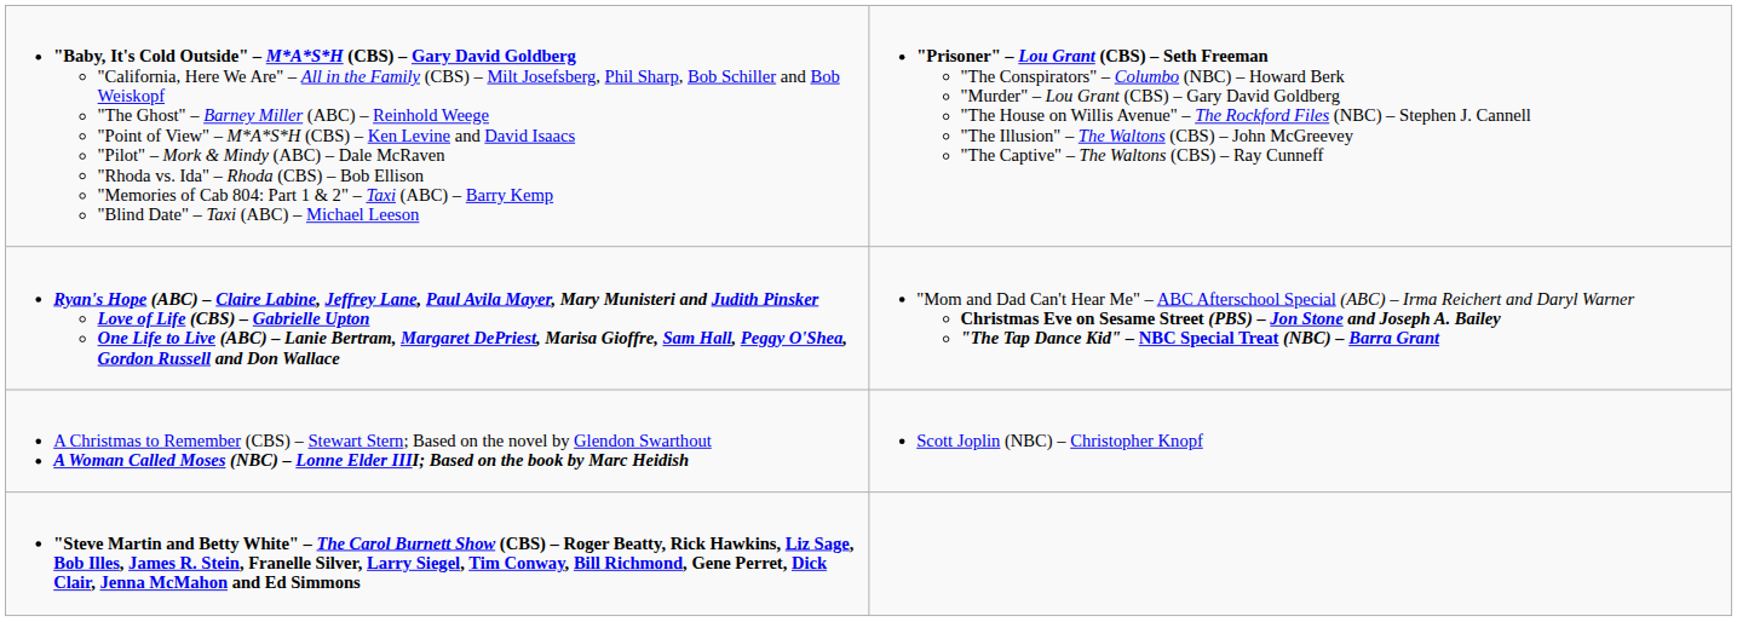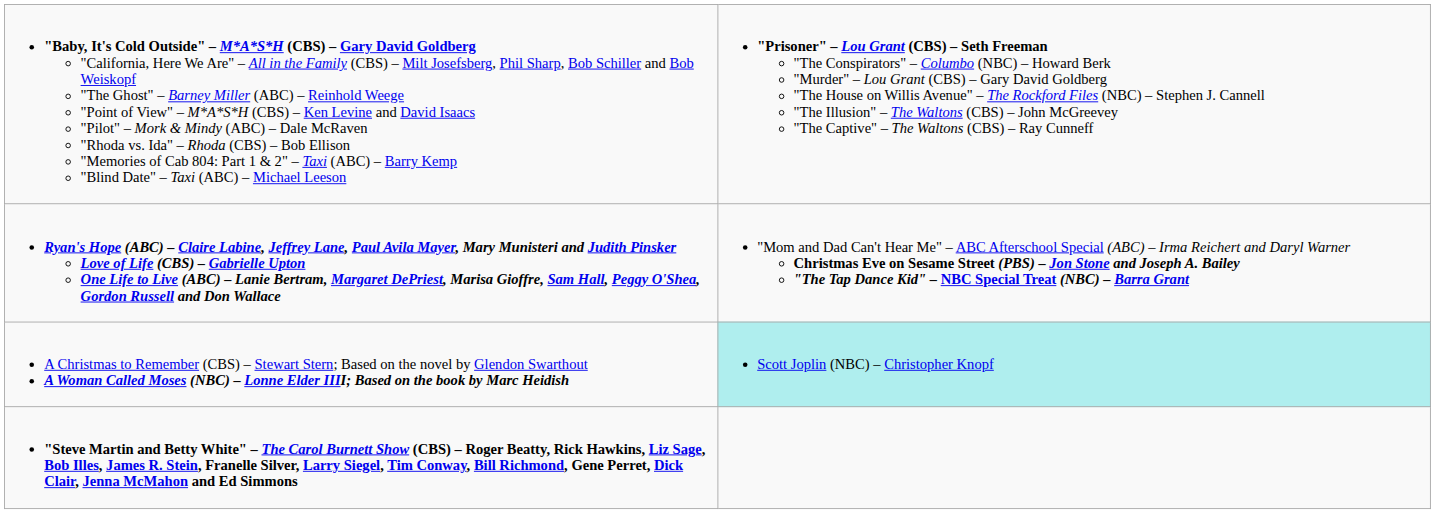 <table class="wikitable">
 <tr>
 <td valign="top" width="50%"><br><ul><li><strong>"Baby, It's Cold Outside" – <em><a href='#'>M*A*S*H</a></em> (CBS) – <a href='#'>Gary David Goldberg</a></strong><ul><li>"California, Here We Are" – <em><a href='#'>All in the Family</a></em> (CBS) – <a href='#'>Milt Josefsberg</a>, <a href='#'>Phil Sharp</a>, <a href='#'>Bob Schiller</a> and <a href='#'>Bob Weiskopf</a></li><li>"The Ghost" – <em><a href='#'>Barney Miller</a></em> (ABC) – <a href='#'>Reinhold Weege</a></li><li>"Point of View" – <em>M*A*S*H</em> (CBS) – <a href='#'>Ken Levine</a> and <a href='#'>David Isaacs</a></li><li>"Pilot" – <em>Mork & Mindy</em> (ABC) – Dale McRaven</li><li>"Rhoda vs. Ida" – <em>Rhoda</em> (CBS) – Bob Ellison</li><li>"Memories of Cab 804: Part 1 & 2" – <em><a href='#'>Taxi</a></em> (ABC) – <a href='#'>Barry Kemp</a></li><li>"Blind Date" – <em>Taxi</em> (ABC) – <a href='#'>Michael Leeson</a></li></ul></li></ul></td>
 <td valign="top" width="50%"><br><ul><li><strong>"Prisoner" – <em><a href='#'>Lou Grant</a></em> (CBS) – Seth Freeman</strong><ul><li>"The Conspirators" – <em><a href='#'>Columbo</a></em> (NBC) – Howard Berk</li><li>"Murder" – <em>Lou Grant</em> (CBS) – Gary David Goldberg</li><li>"The House on Willis Avenue" – <em><a href='#'>The Rockford Files</a></em> (NBC) – Stephen J. Cannell</li><li>"The Illusion" – <em><a href='#'>The Waltons</a></em> (CBS) – John McGreevey</li><li>"The Captive" – <em>The Waltons</em> (CBS) – Ray Cunneff</li></ul></li></ul></td>
 </tr>
 <tr>
 <td valign="top" width="50%"><br><ul><li><strong><em><a href='#'>Ryan's Hope</a><em> (ABC) – <a href='#'>Claire Labine</a>, <a href='#'>Jeffrey Lane</a>, <a href='#'>Paul Avila Mayer</a>, Mary Munisteri and <a href='#'>Judith Pinsker</a><strong><ul><li></em><a href='#'>Love of Life</a><em> (CBS) – <a href='#'>Gabrielle Upton</a></li><li></em><a href='#'>One Life to Live</a><em> (ABC) – Lanie Bertram, <a href='#'>Margaret DePriest</a>, Marisa Gioffre, <a href='#'>Sam Hall</a>, <a href='#'>Peggy O'Shea</a>, <a href='#'>Gordon Russell</a> and Don Wallace</li></ul></li></ul></td>
 <td valign="top" width="50%"><br><ul><li></strong>"Mom and Dad Can't Hear Me" – </em><a href='#'>ABC Afterschool Special</a><em> (ABC) – Irma Reichert and Daryl Warner<strong><ul><li></em>Christmas Eve on Sesame Street<em> (PBS) – <a href='#'>Jon Stone</a> and Joseph A. Bailey</li><li>"The Tap Dance Kid" – </em><a href='#'>NBC Special Treat</a><em> (NBC) – <a href='#'>Barra Grant</a></li></ul></li></ul></td>
 </tr>
 <tr>
 <td valign="top" width="50%"><br><ul><li></em></strong><a href='#'>A Christmas to Remember</a></em> (CBS) – <a href='#'>Stewart Stern</a>; Based on the novel by <a href='#'>Glendon Swarthout</a></strong></li><li><strong><em><a href='#'>A Woman Called Moses</a><em> (NBC) – <a href='#'>Lonne Elder III</a>I; Based on the book by Marc Heidish<strong></li></ul></td>
-<td valign="top" width="50%"><br><ul><li></em></strong><a href='#'>Scott Joplin</a></em> (NBC) – <a href='#'>Christopher Knopf</a></strong></li></ul></td>
+<td valign="top" width="50%" style="background: paleturquoise;"><br><ul><li></em></strong><a href='#'>Scott Joplin</a></em> (NBC) – <a href='#'>Christopher Knopf</a></strong></li></ul></td>
 </tr>
 <tr>
 <td valign="top" width="50%"><br><ul><li><strong>"Steve Martin and Betty White" – <em><a href='#'>The Carol Burnett Show</a></em> (CBS) – Roger Beatty, Rick Hawkins, <a href='#'>Liz Sage</a>, <a href='#'>Bob Illes</a>, <a href='#'>James R. Stein</a>, Franelle Silver, <a href='#'>Larry Siegel</a>, <a href='#'>Tim Conway</a>, <a href='#'>Bill Richmond</a>, Gene Perret, <a href='#'>Dick Clair</a>, <a href='#'>Jenna McMahon</a> and Ed Simmons</strong></li></ul></td>
 </tr>
 </table>
